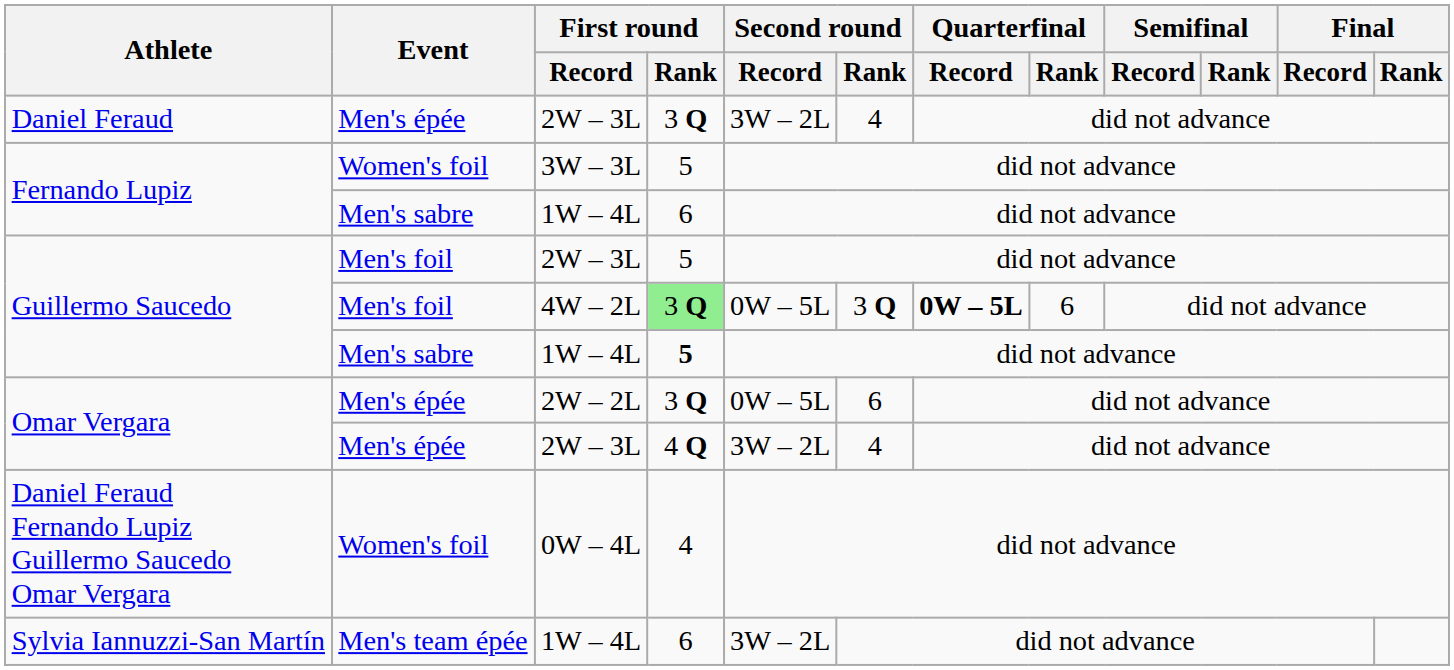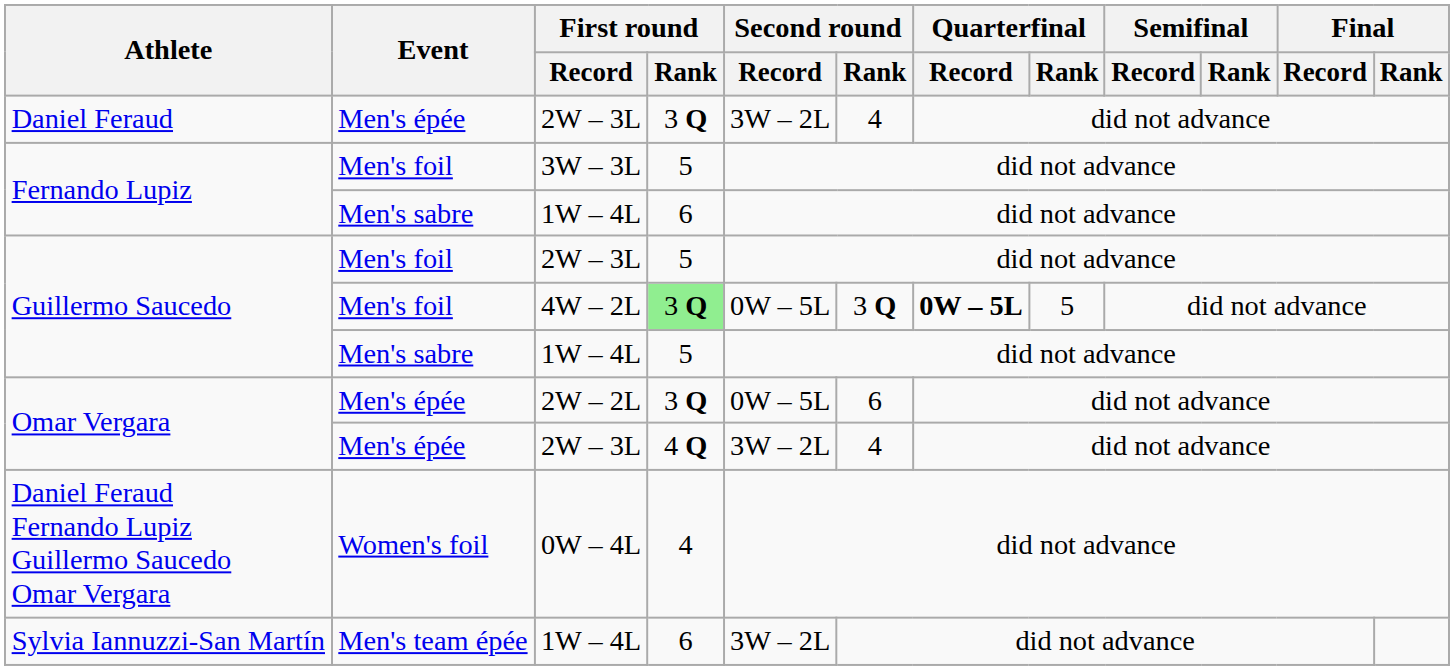 <table class="wikitable" style="text-align:left; font-size:90%">
 <tr>
 <th rowspan="2">Athlete</th>
 <th rowspan="2">Event</th>
 <th colspan=2>First round</th>
 <th colspan=2>Second round</th>
 <th colspan=2>Quarterfinal</th>
 <th colspan=2>Semifinal</th>
 <th colspan=2>Final</th>
 </tr>
 <tr style="font-size:95%">
 <th>Record</th>
 <th>Rank</th>
 <th>Record</th>
 <th>Rank</th>
 <th>Record</th>
 <th>Rank</th>
 <th>Record</th>
 <th>Rank</th>
 <th>Record</th>
 <th>Rank</th>
 </tr>
 <tr>
 <td><a href='#'>Daniel Feraud</a></td>
 <td><a href='#'>Men's épée</a></td>
 <td align=center>2W – 3L</td>
 <td align=center>3 <strong>Q</strong></td>
 <td align=center>3W – 2L</td>
 <td align=center>4</td>
 <td align=center colspan=6>did not advance</td>
 </tr>
 <tr>
 <td rowspan=2><a href='#'>Fernando Lupiz</a></td>
-<td><a href='#'>Women's foil</a></td>
+<td><a href='#'>Men's foil</a></td>
 <td align=center>3W – 3L</td>
 <td align=center>5</td>
 <td align=center colspan=8>did not advance</td>
 </tr>
 <tr>
 <td><a href='#'>Men's sabre</a></td>
 <td align=center>1W – 4L</td>
 <td align=center>6</td>
 <td align=center colspan=8>did not advance</td>
 </tr>
 <tr>
 <td rowspan=3><a href='#'>Guillermo Saucedo</a></td>
 <td><a href='#'>Men's foil</a></td>
 <td align=center>2W – 3L</td>
 <td align=center>5</td>
 <td align=center colspan=8>did not advance</td>
 </tr>
 <tr>
 <td><a href='#'>Men's foil</a></td>
 <td align=center>4W – 2L</td>
 <td align=center style="background: lightgreen;">3 <strong>Q</strong></td>
 <td align=center>0W – 5L</td>
 <td align=center>3 <strong>Q</strong></td>
 <td align=center><strong>0W – 5L</strong></td>
-<td align=center>6</td>
+<td align=center>5</td>
 <td align=center colspan=4>did not advance</td>
 </tr>
 <tr>
 <td><a href='#'>Men's sabre</a></td>
 <td align=center>1W – 4L</td>
-<td align=center><strong>5</strong></td>
+<td align=center>5</td>
 <td align=center colspan=8>did not advance</td>
 </tr>
 <tr>
 <td rowspan=2><a href='#'>Omar Vergara</a></td>
 <td><a href='#'>Men's épée</a></td>
 <td align=center>2W – 2L</td>
 <td align=center>3 <strong>Q</strong></td>
 <td align=center>0W – 5L</td>
 <td align=center>6</td>
 <td align=center colspan=6>did not advance</td>
 </tr>
 <tr>
 <td><a href='#'>Men's épée</a></td>
 <td align=center>2W – 3L</td>
 <td align=center>4 <strong>Q</strong></td>
 <td align=center>3W – 2L</td>
 <td align=center>4</td>
 <td align=center colspan=6>did not advance</td>
 </tr>
 <tr>
 <td><a href='#'>Daniel Feraud</a><br><a href='#'>Fernando Lupiz</a><br><a href='#'>Guillermo Saucedo</a><br><a href='#'>Omar Vergara</a></td>
 <td><a href='#'>Women's foil</a></td>
 <td align=center>0W – 4L</td>
 <td align=center>4</td>
 <td align=center colspan=8>did not advance</td>
 </tr>
 <tr>
 <td><a href='#'>Sylvia Iannuzzi-San Martín</a></td>
 <td><a href='#'>Men's team épée</a></td>
 <td align=center>1W – 4L</td>
 <td align=center>6</td>
 <td align=center>3W – 2L</td>
 <td align=center colspan=6>did not advance</td>
 </tr>
 </table>
